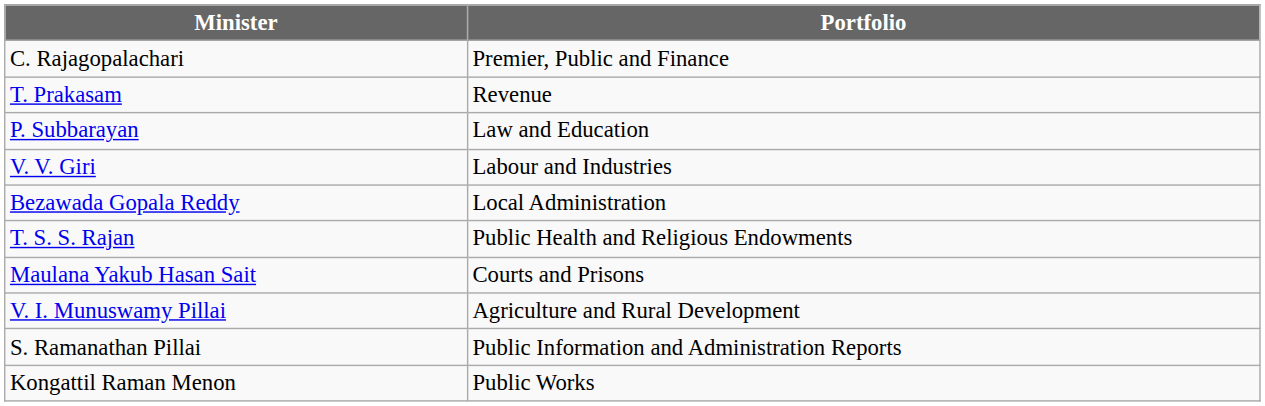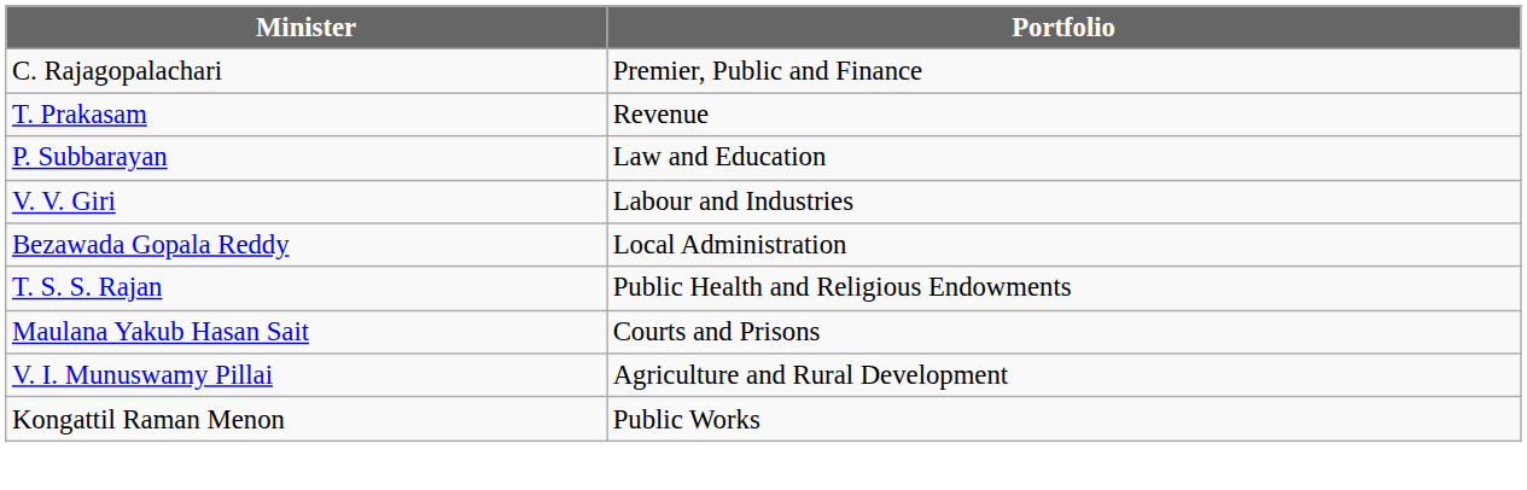 <table class="wikitable" width="70%" style="font-size: x-big; font-family: verdana">
 <tr>
 <th style="background-color:#666666; color:white">Minister</th>
 <th style="background-color:#666666; color:white">Portfolio</th>
 </tr>
 <tr>
 <td>C. Rajagopalachari</td>
 <td>Premier, Public and Finance</td>
 </tr>
 <tr>
 <td><a href='#'>T. Prakasam</a></td>
 <td>Revenue</td>
 </tr>
 <tr>
 <td><a href='#'>P. Subbarayan</a></td>
 <td>Law and Education</td>
 </tr>
 <tr>
 <td><a href='#'>V. V. Giri</a></td>
 <td>Labour and Industries</td>
 </tr>
 <tr>
 <td><a href='#'>Bezawada Gopala Reddy</a></td>
 <td>Local Administration</td>
 </tr>
 <tr>
 <td><a href='#'>T. S. S. Rajan</a></td>
 <td>Public Health and Religious Endowments</td>
 </tr>
 <tr>
 <td><a href='#'>Maulana Yakub Hasan Sait</a></td>
 <td>Courts and Prisons</td>
 </tr>
 <tr>
 <td><a href='#'>V. I. Munuswamy Pillai</a></td>
 <td>Agriculture and Rural Development</td>
 </tr>
 <tr>
-<td>S. Ramanathan Pillai</td>
-<td>Public Information and Administration Reports</td>
-</tr>
-<tr>
 <td>Kongattil Raman Menon</td>
 <td>Public Works</td>
 </tr>
 </table>
